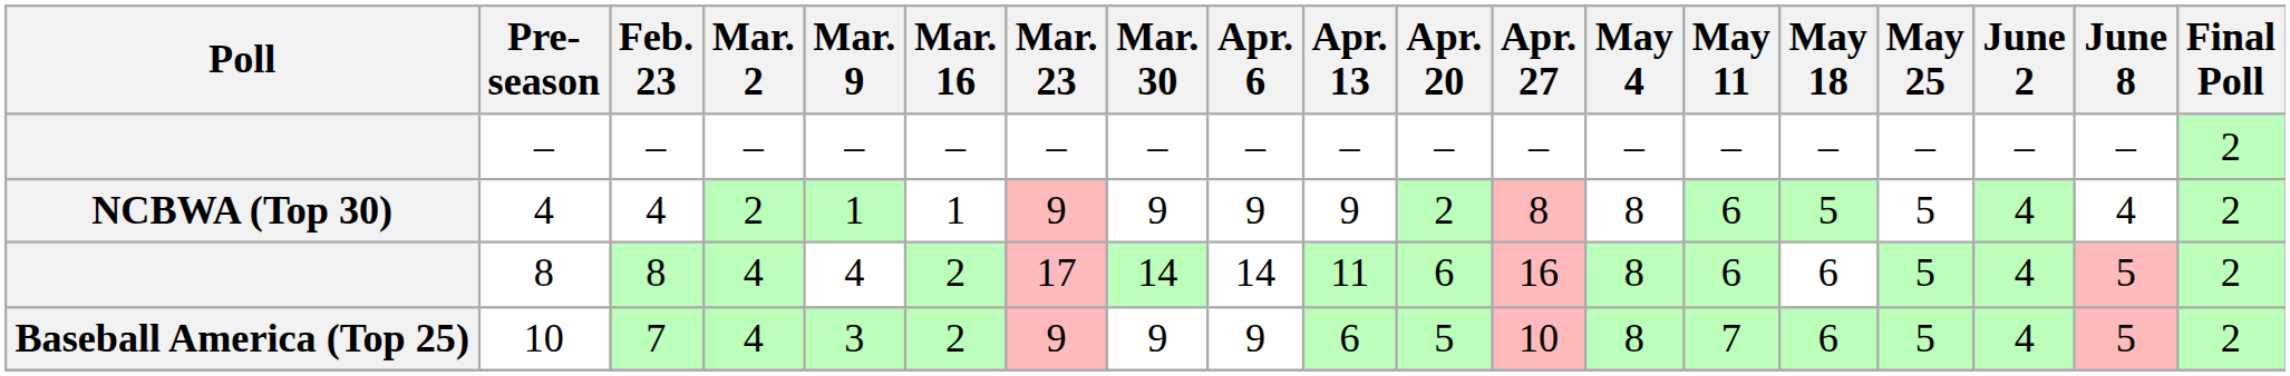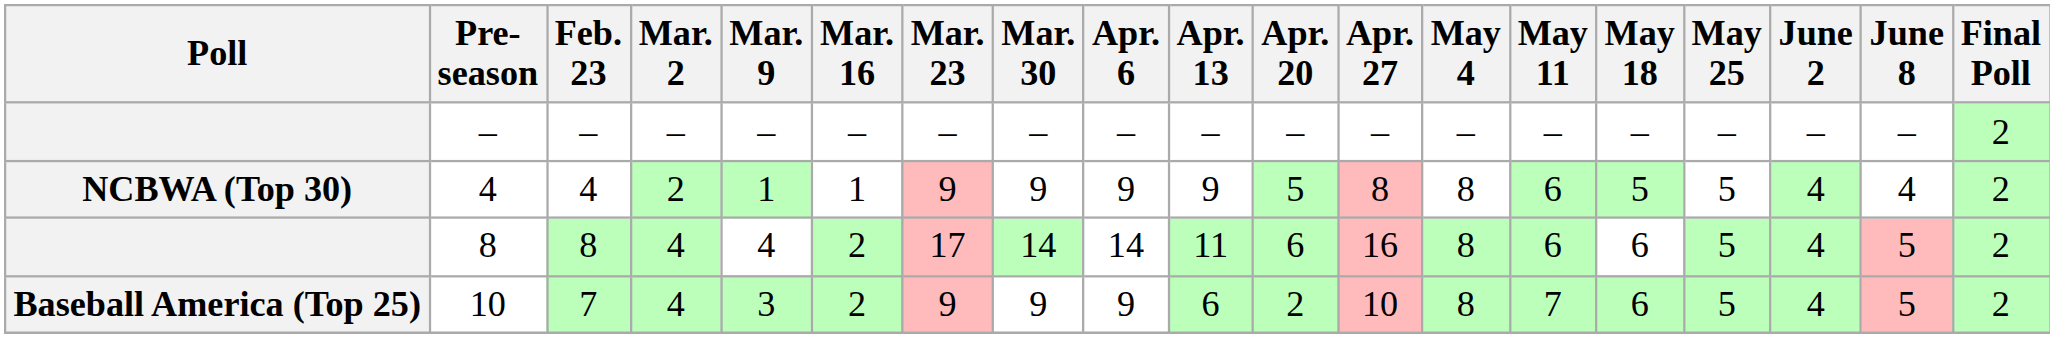 <table class="wikitable" style="white-space:nowrap;">
 <tr>
 <th>Poll</th>
 <th>Pre-<br>season</th>
 <th>Feb.<br>23</th>
 <th>Mar.<br>2</th>
 <th>Mar.<br>9</th>
 <th>Mar.<br>16</th>
 <th>Mar.<br>23</th>
 <th>Mar.<br>30</th>
 <th>Apr.<br>6</th>
 <th>Apr.<br>13</th>
 <th>Apr.<br>20</th>
 <th>Apr.<br>27</th>
 <th>May<br>4</th>
 <th>May<br>11</th>
 <th>May<br>18</th>
 <th>May<br>25</th>
 <th>June<br>2</th>
 <th>June<br>8</th>
 <th>Final<br>Poll</th>
 </tr>
 <tr style="text-align:center;">
 <th></th>
 <td style="background:#FFF;">–</td>
 <td style="background:#FFF;">–</td>
 <td style="background:#FFF;">–</td>
 <td style="background:#FFF;">–</td>
 <td style="background:#FFF;">–</td>
 <td style="background:#FFF;">–</td>
 <td style="background:#FFF;">–</td>
 <td style="background:#FFF;">–</td>
 <td style="background:#FFF;">–</td>
 <td style="background:#FFF;">–</td>
 <td style="background:#FFF;">–</td>
 <td style="background:#FFF;">–</td>
 <td style="background:#FFF;">–</td>
 <td style="background:#FFF;">–</td>
 <td style="background:#FFF;">–</td>
 <td style="background:#FFF;">–</td>
 <td style="background:#FFF;">–</td>
 <td style="background:#bbffbb;">2</td>
 </tr>
 <tr style="text-align:center;">
 <th>NCBWA (Top 30)</th>
 <td style="background:#FFF;">4</td>
 <td style="background:#FFF;">4</td>
 <td style="background:#bbffbb;">2</td>
 <td style="background:#bbffbb;">1</td>
 <td style="background:#FFF;">1</td>
 <td style="background:#ffbbbb;">9</td>
 <td style="background:#FFF;">9</td>
 <td style="background:#FFF;">9</td>
 <td style="background:#FFF;">9</td>
-<td style="background:#bbffbb;">2</td>
+<td style="background:#bbffbb;">5</td>
 <td style="background:#ffbbbb;">8</td>
 <td style="background:#FFF;">8</td>
 <td style="background:#bbffbb;">6</td>
 <td style="background:#bbffbb;">5</td>
 <td style="background:#FFF;">5</td>
 <td style="background:#bbffbb;">4</td>
 <td style="background:#FFF;">4</td>
 <td style="background:#bbffbb;">2</td>
 </tr>
 <tr style="text-align:center;">
 <th></th>
 <td style="background:#FFF;">8</td>
 <td style="background:#bbffbb;">8</td>
 <td style="background:#bbffbb;">4</td>
 <td style="background:#FFF;">4</td>
 <td style="background:#bbffbb;">2</td>
 <td style="background:#ffbbbb;">17</td>
 <td style="background:#bbffbb;">14</td>
 <td style="background:#FFF;">14</td>
 <td style="background:#bbffbb;">11</td>
 <td style="background:#bbffbb;">6</td>
 <td style="background:#ffbbbb;">16</td>
 <td style="background:#bbffbb;">8</td>
 <td style="background:#bbffbb;">6</td>
 <td style="background:#FFF;">6</td>
 <td style="background:#bbffbb;">5</td>
 <td style="background:#bbffbb;">4</td>
 <td style="background:#ffbbbb;">5</td>
 <td style="background:#bbffbb;">2</td>
 </tr>
 <tr style="text-align:center;">
 <th>Baseball America (Top 25)</th>
 <td style="background:#FFF;">10</td>
 <td style="background:#bbffbb;">7</td>
 <td style="background:#bbffbb;">4</td>
 <td style="background:#bbffbb;">3</td>
 <td style="background:#bbffbb;">2</td>
 <td style="background:#ffbbbb;">9</td>
 <td style="background:#FFF;">9</td>
 <td style="background:#FFF;">9</td>
 <td style="background:#bbffbb;">6</td>
-<td style="background:#bbffbb;">5</td>
+<td style="background:#bbffbb;">2</td>
 <td style="background:#ffbbbb;">10</td>
 <td style="background:#bbffbb;">8</td>
 <td style="background:#bbffbb;">7</td>
 <td style="background:#bbffbb">6</td>
 <td style="background:#bbffbb;">5</td>
 <td style="background:#bbffbb;">4</td>
 <td style="background:#ffbbbb;">5</td>
 <td style="background:#bbffbb;">2</td>
 </tr>
 <tr>
 </tr>
 </table>
